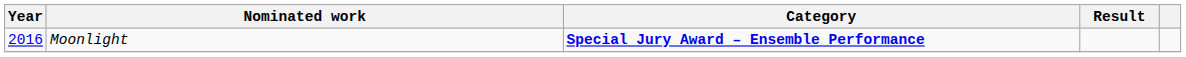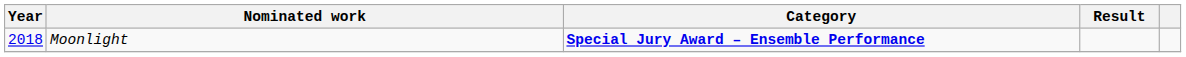 <table class="wikitable">
 <tr>
 <th scope="col" style="width:1em;">Year</th>
 <th scope="col" style="width:35em;">Nominated work</th>
 <th scope="col" style="width:35em;">Category</th>
 <th scope="col" style="width:5em;">Result</th>
 <th scope="col" style="width:1em;"></th>
 </tr>
 <tr>
-<td><a href='#'>2016</a></td>
+<td><a href='#'>2018</a></td>
 <td><em>Moonlight</em></td>
 <td><strong><a href='#'>Special Jury Award – Ensemble Performance</a></strong></td>
 <td></td>
 <td></td>
 </tr>
 <tr>
 </tr>
 </table>
